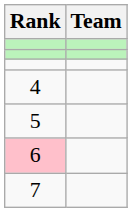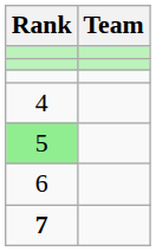 <table class=wikitable style="text-align:center;">
 <tr>
 <th>Rank</th>
 <th>Team</th>
 </tr>
 <tr bgcolor=bbf3bb>
 <td></td>
 <td align=left></td>
 </tr>
 <tr bgcolor=bbf3bb>
 <td></td>
 <td align=left></td>
 </tr>
 <tr>
 <td></td>
 <td align=left></td>
 </tr>
 <tr>
 <td>4</td>
 <td align=left></td>
 </tr>
 <tr>
-<td>5</td>
+<td style="background: lightgreen;">5</td>
 <td align=left></td>
 </tr>
 <tr>
-<td style="background: pink;">6</td>
+<td>6</td>
 <td align=left></td>
 </tr>
 <tr>
-<td>7</td>
+<td><strong>7</strong></td>
 <td align=left></td>
 </tr>
 </table>
